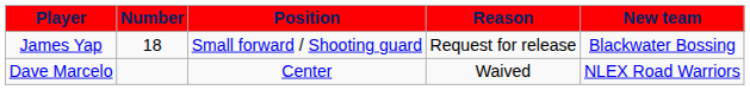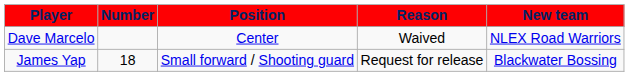 <table class="wikitable sortable sortable">
 <tr>
 <th style="background:#FE0003; color:#002366; ">Player</th>
 <th style="background:#FE0003; color:#002366; ">Number</th>
 <th style="background:#FE0003; color:#002366; ">Position</th>
 <th style="background:#FE0003; color:#002366; ">Reason</th>
 <th style="background:#FE0003; color:#002366; ">New team</th>
 </tr>
 <tr style="text-align: center">
+<td><a href='#'>Dave Marcelo</a></td>
+<td></td>
+<td><a href='#'>Center</a></td>
+<td>Waived</td>
+<td><a href='#'>NLEX Road Warriors</a></td>
+</tr>
+<tr style="text-align: center">
 <td><a href='#'>James Yap</a></td>
 <td>18</td>
 <td><a href='#'>Small forward</a> / <a href='#'>Shooting guard</a></td>
 <td>Request for release</td>
 <td><a href='#'>Blackwater Bossing</a></td>
 </tr>
-<tr style="text-align: center">
-<td><a href='#'>Dave Marcelo</a></td>
-<td></td>
-<td><a href='#'>Center</a></td>
-<td>Waived</td>
-<td><a href='#'>NLEX Road Warriors</a></td>
-</tr>
 </table>
